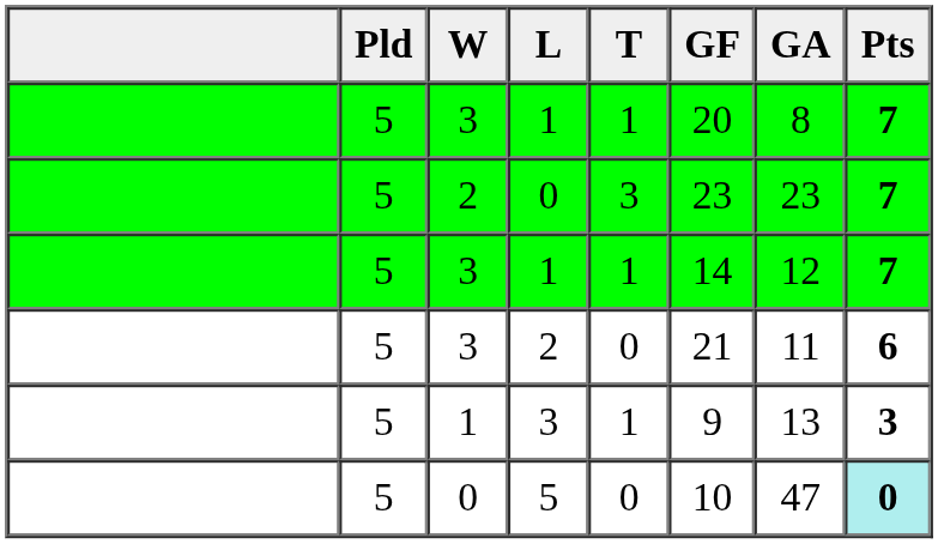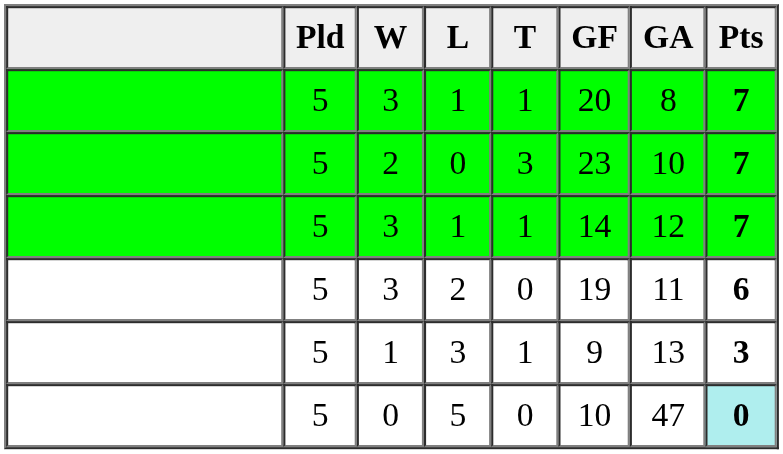 <table border=1 cellpadding=5 cellspacing=0>
 <tr>
 <th bgcolor="#efefef" width="120"></th>
 <th bgcolor="#efefef" width="20">Pld</th>
 <th bgcolor="#efefef" width="20">W</th>
 <th bgcolor="#efefef" width="20">L</th>
 <th bgcolor="#efefef" width="20">T</th>
 <th bgcolor="#efefef" width="20">GF</th>
 <th bgcolor="#efefef" width="20">GA</th>
 <th bgcolor="#efefef" width="20">Pts</th>
 </tr>
 <tr align=center bgcolor="lime">
 <td align=left></td>
 <td>5</td>
 <td>3</td>
 <td>1</td>
 <td>1</td>
 <td>20</td>
 <td>8</td>
 <td><strong>7</strong></td>
 </tr>
 <tr align=center bgcolor="lime">
 <td align=left></td>
 <td>5</td>
 <td>2</td>
 <td>0</td>
 <td>3</td>
 <td>23</td>
-<td>23</td>
+<td>10</td>
 <td><strong>7</strong></td>
 </tr>
 <tr align=center bgcolor="lime">
 <td align=left></td>
 <td>5</td>
 <td>3</td>
 <td>1</td>
 <td>1</td>
 <td>14</td>
 <td>12</td>
 <td><strong>7</strong></td>
 </tr>
 <tr align=center>
 <td align=left></td>
 <td>5</td>
 <td>3</td>
 <td>2</td>
 <td>0</td>
-<td>21</td>
+<td>19</td>
 <td>11</td>
 <td><strong>6</strong></td>
 </tr>
 <tr align=center>
 <td align=left></td>
 <td>5</td>
 <td>1</td>
 <td>3</td>
 <td>1</td>
 <td>9</td>
 <td>13</td>
 <td><strong>3</strong></td>
 </tr>
 <tr align=center>
 <td align=left></td>
 <td>5</td>
 <td>0</td>
 <td>5</td>
 <td>0</td>
 <td>10</td>
 <td>47</td>
 <td style="background: paleturquoise;"><strong>0</strong></td>
 </tr>
 </table>
